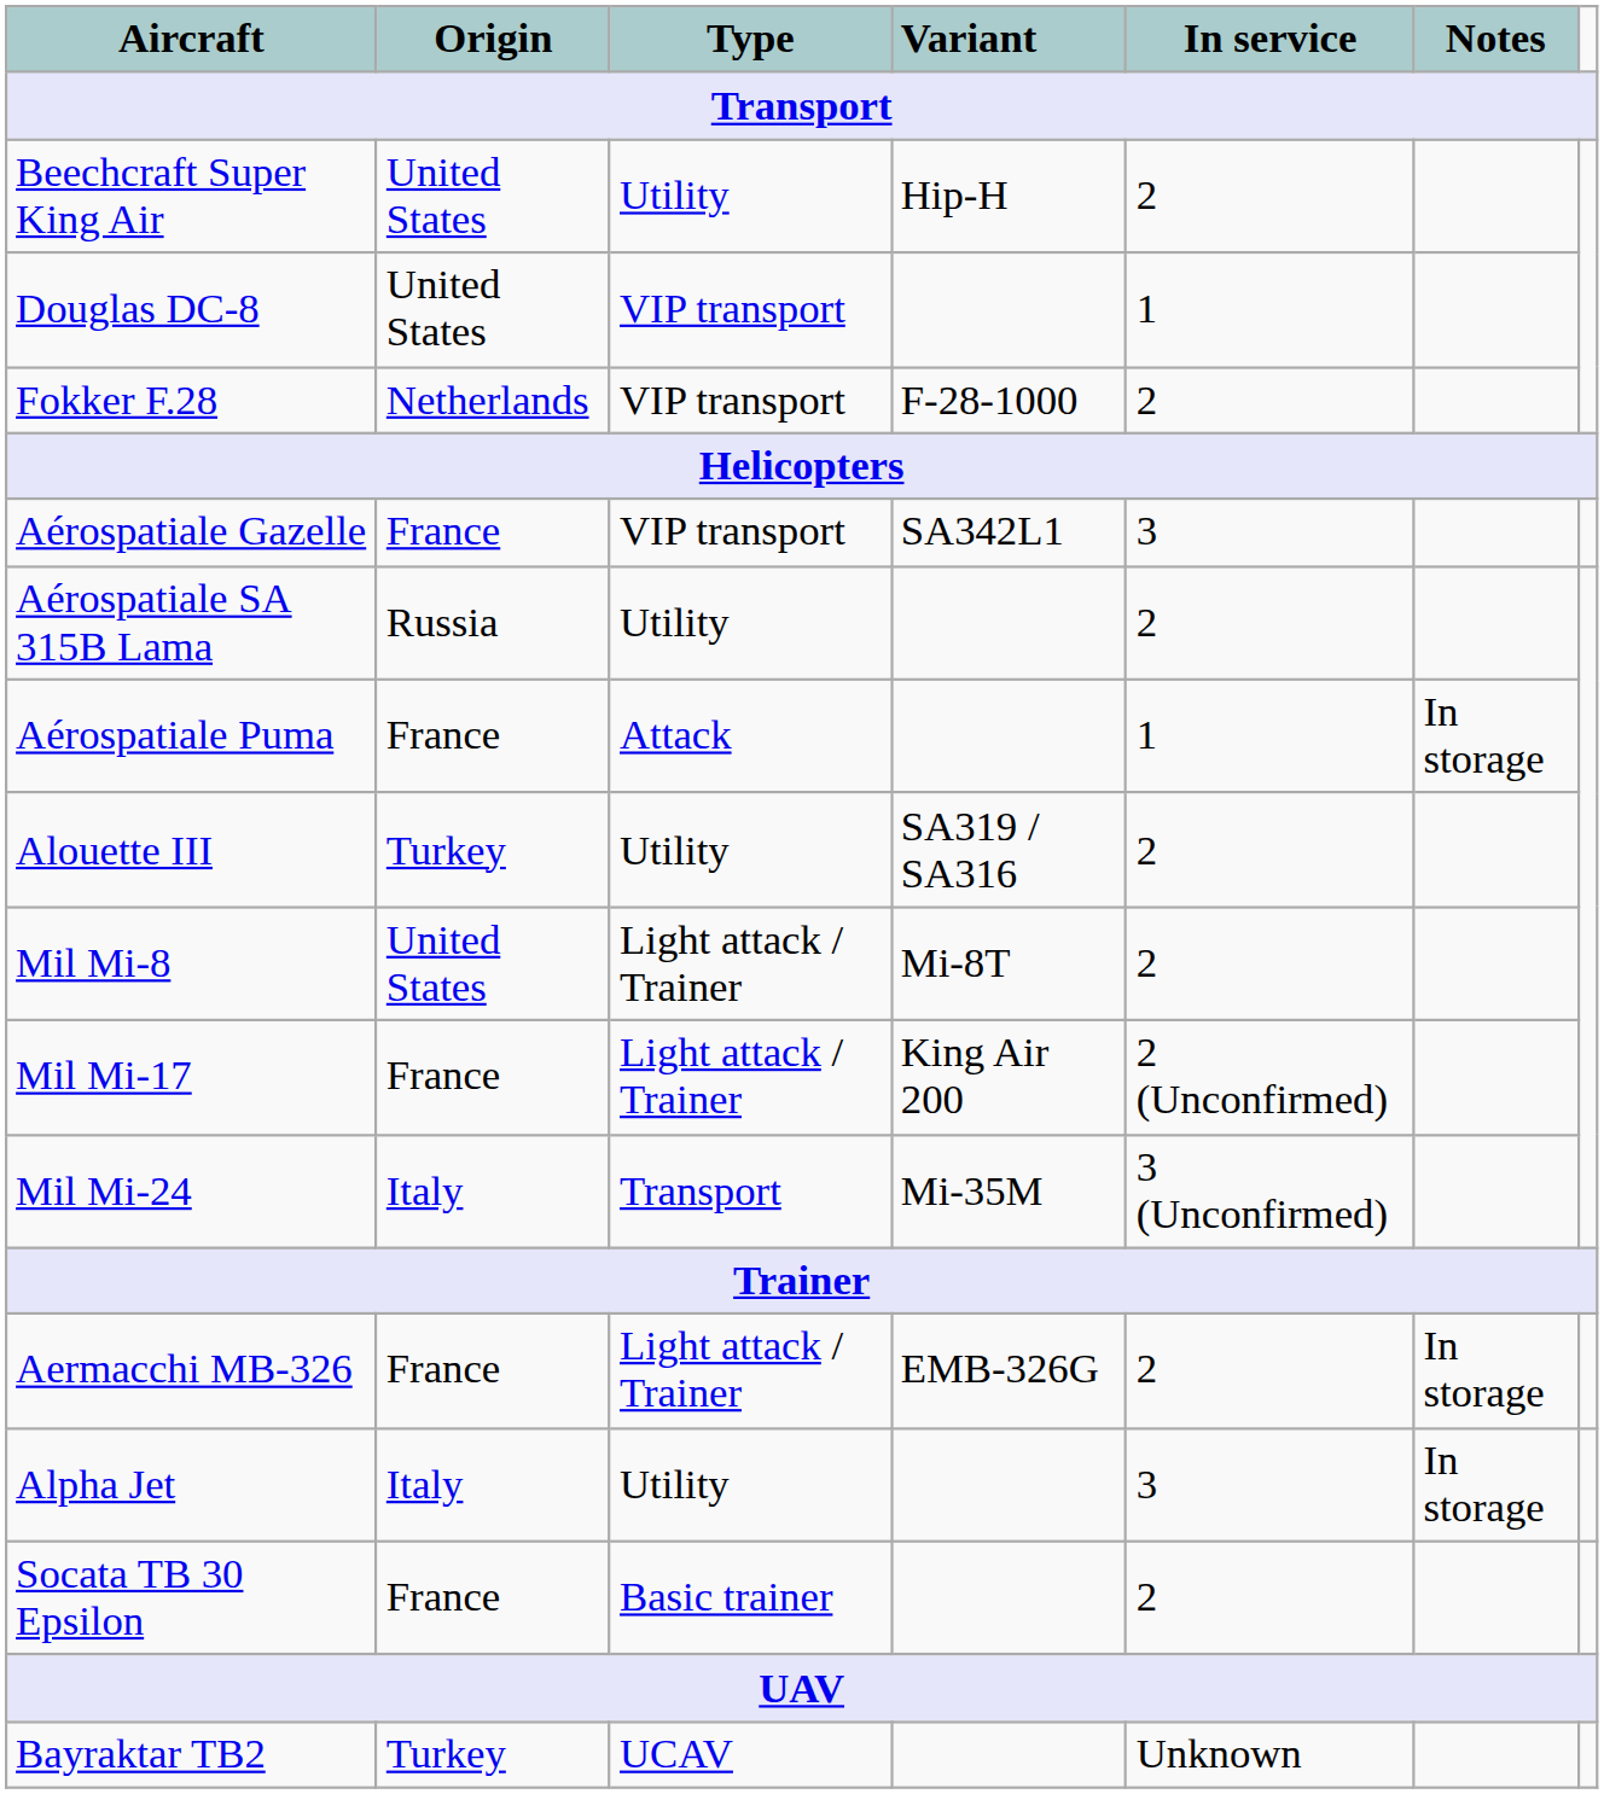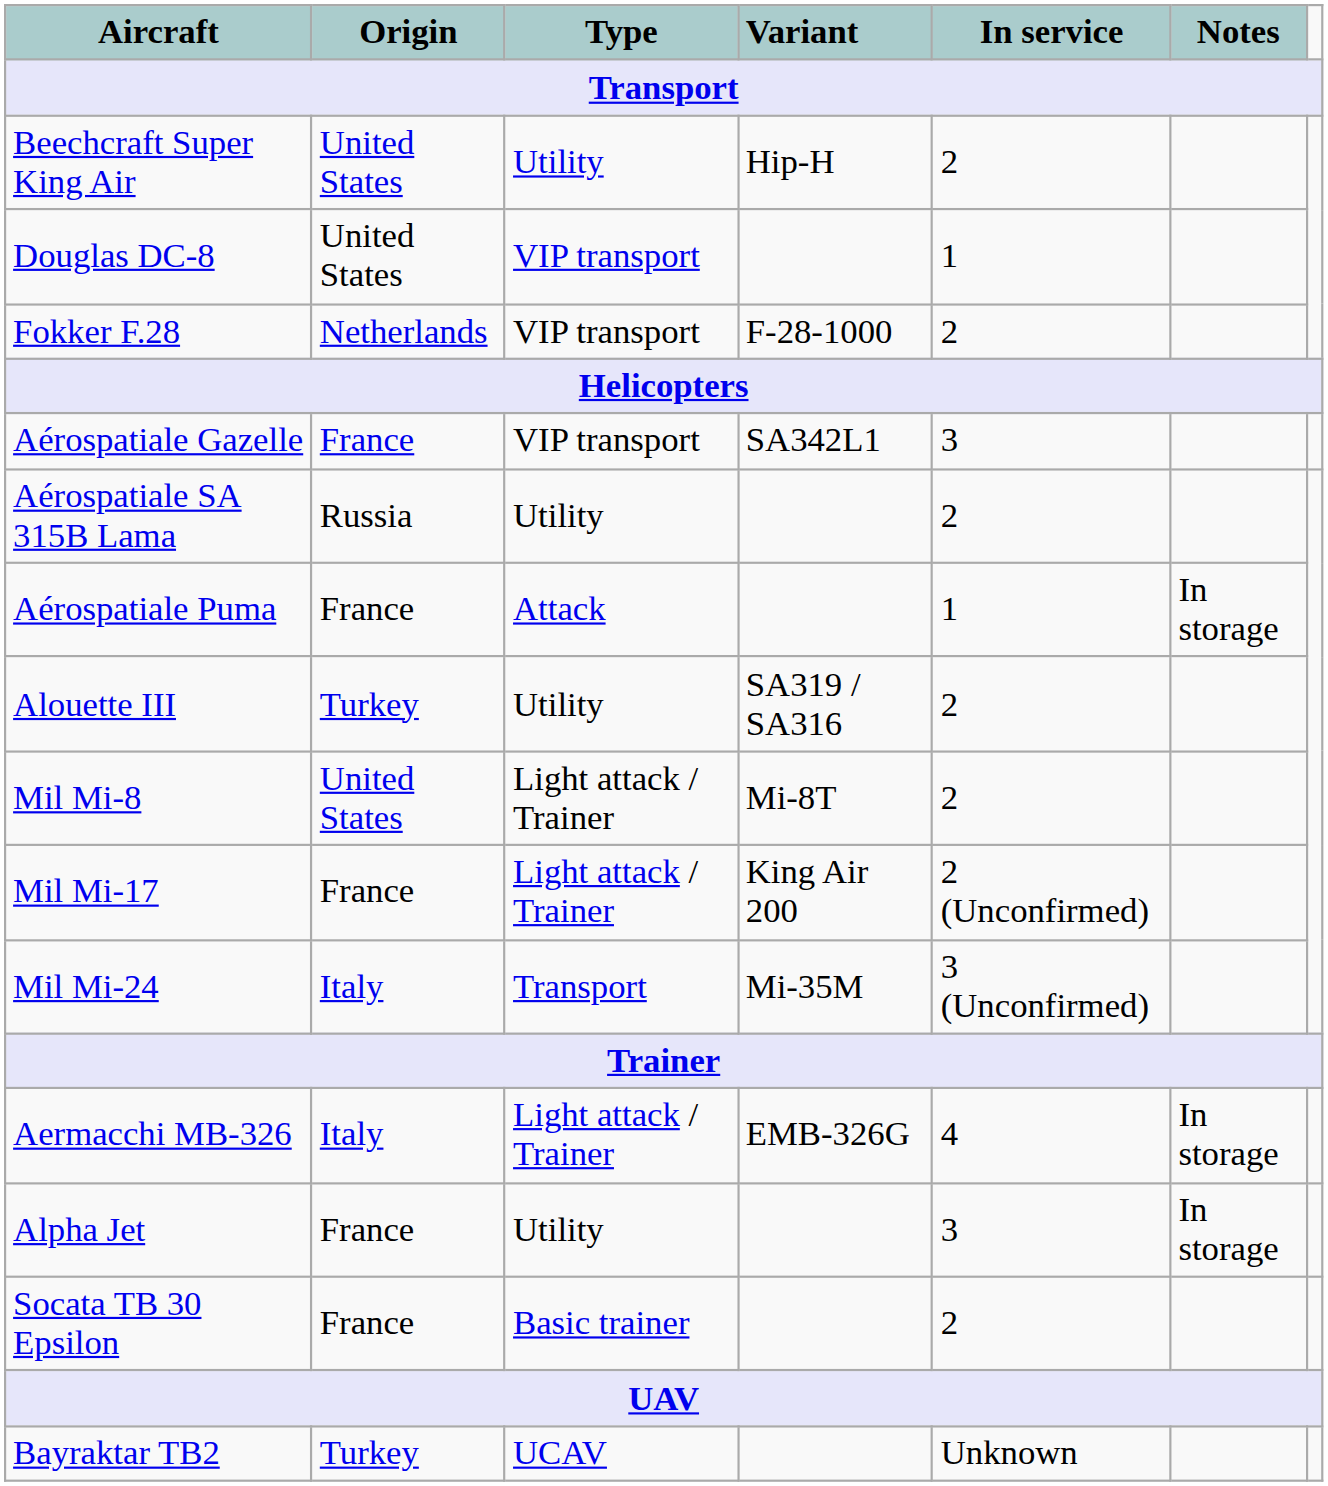 <table class="wikitable">
 <tr>
 <th style="text-align:center; background:#acc;">Aircraft</th>
 <th style="text-align: center; background:#acc;">Origin</th>
 <th style="text-align:l center; background:#acc;">Type</th>
 <th style="text-align:left; background:#acc;">Variant</th>
 <th style="text-align:center; background:#acc;">In service</th>
 <th style="text-align: center; background:#acc;">Notes</th>
 </tr>
 <tr>
 <th colspan="7" style="align: center; background: lavender;"><a href='#'>Transport</a></th>
 </tr>
 <tr>
 <td><a href='#'>Beechcraft Super King Air</a></td>
 <td><a href='#'>United States</a></td>
 <td><a href='#'>Utility</a></td>
 <td>Hip-H</td>
 <td>2</td>
 <td></td>
 </tr>
 <tr>
 <td><a href='#'>Douglas DC-8</a></td>
 <td>United States</td>
 <td><a href='#'>VIP transport</a></td>
 <td></td>
 <td>1</td>
 <td></td>
 </tr>
 <tr>
 <td><a href='#'>Fokker F.28</a></td>
 <td><a href='#'>Netherlands</a></td>
 <td>VIP transport</td>
 <td>F-28-1000</td>
 <td>2</td>
 <td></td>
 </tr>
 <tr>
 <th colspan="7" style="align: center; background: lavender;"><a href='#'>Helicopters</a></th>
 </tr>
 <tr>
 <td><a href='#'>Aérospatiale Gazelle</a></td>
 <td><a href='#'>France</a></td>
 <td>VIP transport</td>
 <td>SA342L1</td>
 <td>3</td>
 <td></td>
 <td></td>
 </tr>
 <tr>
 <td><a href='#'>Aérospatiale SA 315B Lama</a></td>
 <td>Russia</td>
 <td>Utility</td>
 <td></td>
 <td>2</td>
 <td></td>
 </tr>
 <tr>
 <td><a href='#'>Aérospatiale Puma</a></td>
 <td>France</td>
 <td><a href='#'>Attack</a></td>
 <td></td>
 <td>1</td>
 <td>In storage</td>
 </tr>
 <tr>
 <td><a href='#'>Alouette III</a></td>
 <td><a href='#'>Turkey</a></td>
 <td>Utility</td>
 <td>SA319 / SA316</td>
 <td>2</td>
 <td></td>
 </tr>
 <tr>
 <td><a href='#'>Mil Mi-8</a></td>
 <td><a href='#'>United States</a></td>
 <td>Light attack / Trainer</td>
 <td>Mi-8T</td>
 <td>2</td>
 <td></td>
 </tr>
 <tr>
 <td><a href='#'>Mil Mi-17</a></td>
 <td>France</td>
 <td><a href='#'>Light attack</a> / <a href='#'>Trainer</a></td>
 <td>King Air 200</td>
 <td>2 (Unconfirmed)</td>
 <td></td>
 </tr>
 <tr>
 <td><a href='#'>Mil Mi-24</a></td>
 <td><a href='#'>Italy</a></td>
 <td><a href='#'>Transport</a></td>
 <td>Mi-35M</td>
 <td>3 (Unconfirmed)</td>
 <td></td>
 </tr>
 <tr>
 <th colspan="7" style="align: center; background: lavender;"><a href='#'>Trainer</a></th>
 </tr>
 <tr>
 <td><a href='#'>Aermacchi MB-326</a></td>
-<td>France</td>
+<td><a href='#'>Italy</a></td>
 <td><a href='#'>Light attack</a> / <a href='#'>Trainer</a></td>
 <td>EMB-326G</td>
-<td>2</td>
+<td>4</td>
 <td>In storage</td>
 <td></td>
 </tr>
 <tr>
 <td><a href='#'>Alpha Jet</a></td>
-<td><a href='#'>Italy</a></td>
+<td>France</td>
 <td>Utility</td>
 <td></td>
 <td>3</td>
 <td>In storage</td>
 <td></td>
 </tr>
 <tr>
 <td><a href='#'>Socata TB 30 Epsilon</a></td>
 <td>France</td>
 <td><a href='#'>Basic trainer</a></td>
 <td></td>
 <td>2</td>
 <td></td>
 <td></td>
 </tr>
 <tr>
 <th colspan="7" style="align: center; background: lavender;"><a href='#'>UAV</a></th>
 </tr>
 <tr>
 <td><a href='#'>Bayraktar TB2</a></td>
 <td><a href='#'>Turkey</a></td>
 <td><a href='#'>UCAV</a></td>
 <td></td>
 <td>Unknown</td>
 <td></td>
 <td></td>
 </tr>
 </table>
